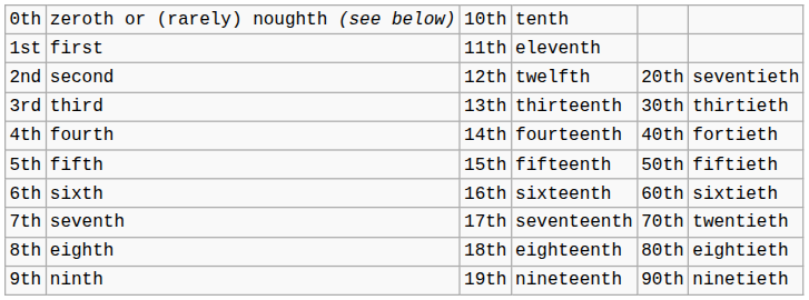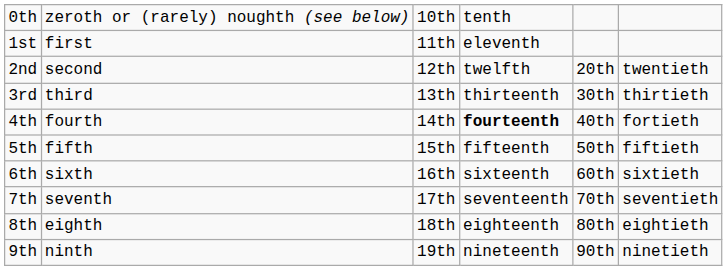 <table class="wikitable">
 <tr>
 <td>0th</td>
 <td>zeroth or (rarely) noughth <em>(see below)</em></td>
 <td>10th</td>
 <td>tenth</td>
 <td> </td>
 <td> </td>
 </tr>
 <tr>
 <td>1st</td>
 <td>first</td>
 <td>11th</td>
 <td>eleventh</td>
 <td> </td>
 <td> </td>
 </tr>
 <tr>
 <td>2nd</td>
 <td>second</td>
 <td>12th</td>
 <td>twelfth</td>
 <td>20th</td>
-<td>seventieth</td>
+<td>twentieth</td>
 </tr>
 <tr>
 <td>3rd</td>
 <td>third</td>
 <td>13th</td>
 <td>thirteenth</td>
 <td>30th</td>
 <td>thirtieth</td>
 </tr>
 <tr>
 <td>4th</td>
 <td>fourth</td>
 <td>14th</td>
-<td>fourteenth</td>
+<td><strong>fourteenth</strong></td>
 <td>40th</td>
 <td>fortieth</td>
 </tr>
 <tr>
 <td>5th</td>
 <td>fifth</td>
 <td>15th</td>
 <td>fifteenth</td>
 <td>50th</td>
 <td>fiftieth</td>
 </tr>
 <tr>
 <td>6th</td>
 <td>sixth</td>
 <td>16th</td>
 <td>sixteenth</td>
 <td>60th</td>
 <td>sixtieth</td>
 </tr>
 <tr>
 <td>7th</td>
 <td>seventh</td>
 <td>17th</td>
 <td>seventeenth</td>
 <td>70th</td>
-<td>twentieth</td>
+<td>seventieth</td>
 </tr>
 <tr>
 <td>8th</td>
 <td>eighth</td>
 <td>18th</td>
 <td>eighteenth</td>
 <td>80th</td>
 <td>eightieth</td>
 </tr>
 <tr>
 <td>9th</td>
 <td>ninth</td>
 <td>19th</td>
 <td>nineteenth</td>
 <td>90th</td>
 <td>ninetieth</td>
 </tr>
 </table>
